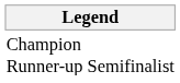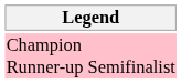 <table class="toccolours" style="float: right; font-size: 95%;">
 <tr>
 <th style="background-color: #F2F2F2; border: 1px solid #AAAAAA;">Legend</th>
 </tr>
 <tr>
-<td> Champion<br> Runner-up Semifinalist</td>
+<td style="background: pink;"> Champion<br> Runner-up Semifinalist</td>
 </tr>
 </table>
